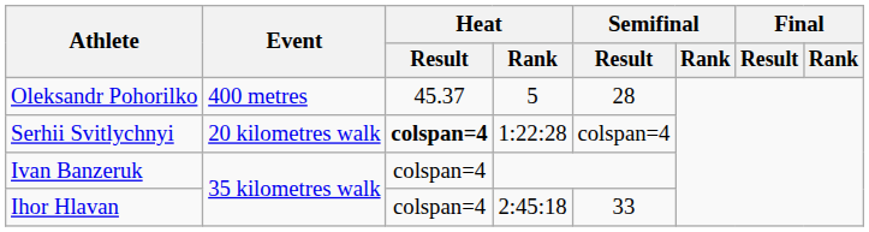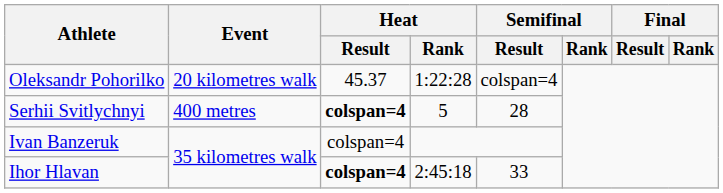 <table class="wikitable" style="font-size:90%">
 <tr>
 <th rowspan="2">Athlete</th>
 <th rowspan="2">Event</th>
 <th colspan="2">Heat</th>
 <th colspan="2">Semifinal</th>
 <th colspan="2">Final</th>
 </tr>
 <tr style="font-size:95%">
 <th>Result</th>
 <th>Rank</th>
 <th>Result</th>
 <th>Rank</th>
 <th>Result</th>
 <th>Rank</th>
 </tr>
 <tr align=center>
 <td align=left><a href='#'>Oleksandr Pohorilko</a></td>
-<td align=left><a href='#'>400 metres</a></td>
+<td align=left><a href='#'>20 kilometres walk</a></td>
 <td>45.37</td>
-<td>5</td>
-<td>28</td>
+<td>1:22:28 </td>
+<td>colspan=4 </td>
 </tr>
 <tr align=center>
 <td align=left><a href='#'>Serhii Svitlychnyi</a></td>
-<td align=left><a href='#'>20 kilometres walk</a></td>
+<td align=left><a href='#'>400 metres</a></td>
 <td><strong>colspan=4</strong></td>
-<td>1:22:28 </td>
-<td>colspan=4 </td>
+<td>5</td>
+<td>28</td>
 </tr>
 <tr align=center>
 <td align=left><a href='#'>Ivan Banzeruk</a></td>
 <td align=left rowspan=2><a href='#'>35 kilometres walk</a></td>
 <td>colspan=4</td>
 <td colspan=2></td>
 </tr>
 <tr align=center>
 <td align=left><a href='#'>Ihor Hlavan</a></td>
-<td>colspan=4</td>
+<td><strong>colspan=4</strong></td>
 <td>2:45:18</td>
 <td>33</td>
 </tr>
 </table>
